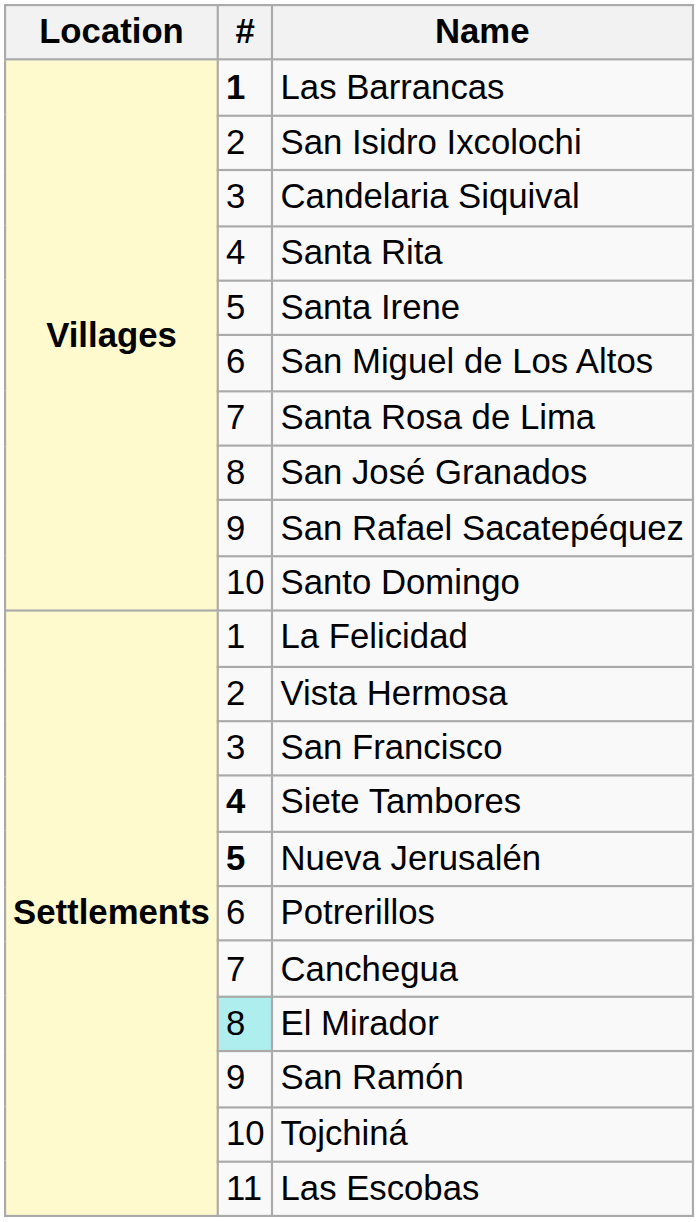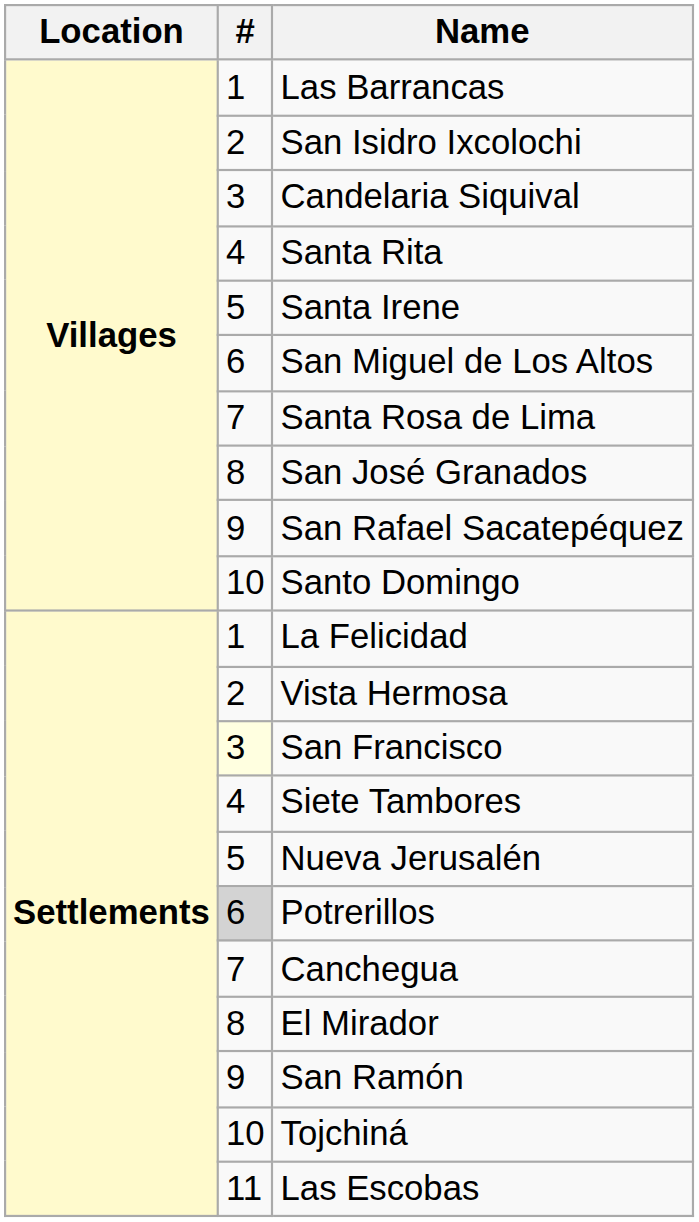 <table class="wikitable">
 <tr>
 <th>Location</th>
 <th>#</th>
 <th>Name</th>
 </tr>
 <tr>
 <th style="background:lemonchiffon;" rowspan=10>Villages</th>
-<td><strong>1</strong></td>
+<td>1</td>
 <td>Las Barrancas</td>
 </tr>
 <tr>
 <td>2</td>
 <td>San Isidro Ixcolochi</td>
 </tr>
 <tr>
 <td>3</td>
 <td>Candelaria Siquival</td>
 </tr>
 <tr>
 <td>4</td>
 <td>Santa Rita</td>
 </tr>
 <tr>
 <td>5</td>
 <td>Santa Irene</td>
 </tr>
 <tr>
 <td>6</td>
 <td>San Miguel de Los Altos</td>
 </tr>
 <tr>
 <td>7</td>
 <td>Santa Rosa de Lima</td>
 </tr>
 <tr>
 <td>8</td>
 <td>San José Granados</td>
 </tr>
 <tr>
 <td>9</td>
 <td>San Rafael Sacatepéquez</td>
 </tr>
 <tr>
 <td>10</td>
 <td>Santo Domingo</td>
 </tr>
 <tr>
 <th style="background:lemonchiffon;" rowspan=11>Settlements</th>
 <td>1</td>
 <td>La Felicidad</td>
 </tr>
 <tr>
 <td>2</td>
 <td>Vista Hermosa</td>
 </tr>
 <tr>
-<td>3</td>
+<td style="background: lightyellow;">3</td>
 <td>San Francisco</td>
 </tr>
 <tr>
-<td><strong>4</strong></td>
+<td>4</td>
 <td>Siete Tambores</td>
 </tr>
 <tr>
-<td><strong>5</strong></td>
+<td>5</td>
 <td>Nueva Jerusalén</td>
 </tr>
 <tr>
-<td>6</td>
+<td style="background: lightgrey;">6</td>
 <td>Potrerillos</td>
 </tr>
 <tr>
 <td>7</td>
 <td>Canchegua</td>
 </tr>
 <tr>
-<td style="background: paleturquoise;">8</td>
+<td>8</td>
 <td>El Mirador</td>
 </tr>
 <tr>
 <td>9</td>
 <td>San Ramón</td>
 </tr>
 <tr>
 <td>10</td>
 <td>Tojchiná</td>
 </tr>
 <tr>
 <td>11</td>
 <td>Las Escobas</td>
 </tr>
 </table>
